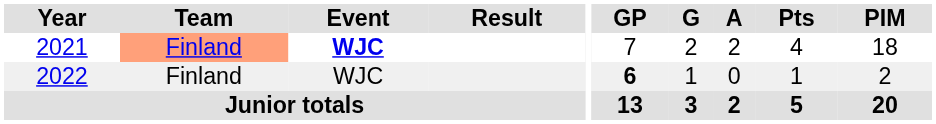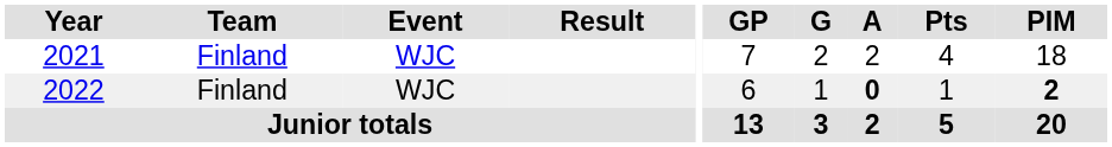 <table border="0" cellpadding="1" cellspacing="0" ID="Table3" style="text-align:center; width:40em">
 <tr bgcolor="#e0e0e0">
 <th>Year</th>
 <th>Team</th>
 <th>Event</th>
 <th>Result</th>
 <th rowspan="102" bgcolor="#ffffff"></th>
 <th>GP</th>
 <th>G</th>
 <th>A</th>
 <th>Pts</th>
 <th>PIM</th>
 </tr>
 <tr>
 <td><a href='#'>2021</a></td>
-<td style="background: lightsalmon;"><a href='#'>Finland</a></td>
-<td><strong><a href='#'>WJC</a></strong></td>
+<td><a href='#'>Finland</a></td>
+<td><a href='#'>WJC</a></td>
 <td></td>
 <td>7</td>
 <td>2</td>
 <td>2</td>
 <td>4</td>
 <td>18</td>
 </tr>
 <tr bgcolor="#f0f0f0">
 <td><a href='#'>2022</a></td>
 <td>Finland</td>
 <td>WJC</td>
 <td></td>
-<td><strong>6</strong></td>
+<td>6</td>
 <td>1</td>
-<td>0</td>
+<td><strong>0</strong></td>
 <td>1</td>
-<td>2</td>
+<td><strong>2</strong></td>
 </tr>
 <tr bgcolor="#e0e0e0">
 <th colspan="4">Junior totals</th>
 <th>13</th>
 <th>3</th>
 <th>2</th>
 <th>5</th>
 <th>20</th>
 </tr>
 </table>
